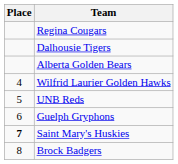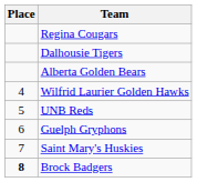 <table class="wikitable">
 <tr>
 <th>Place</th>
 <th>Team</th>
 </tr>
 <tr>
 <td align=center></td>
 <td> <a href='#'>Regina Cougars</a></td>
 </tr>
 <tr>
 <td align=center></td>
 <td> <a href='#'>Dalhousie Tigers</a></td>
 </tr>
 <tr>
 <td align=center></td>
 <td> <a href='#'>Alberta Golden Bears</a></td>
 </tr>
 <tr>
 <td align=center>4</td>
 <td> <a href='#'>Wilfrid Laurier Golden Hawks</a></td>
 </tr>
 <tr>
 <td align=center>5</td>
 <td> <a href='#'>UNB Reds</a></td>
 </tr>
 <tr>
 <td align=center>6</td>
 <td> <a href='#'>Guelph Gryphons</a></td>
 </tr>
 <tr>
-<td align=center><strong>7</strong></td>
+<td align=center>7</td>
 <td> <a href='#'>Saint Mary's Huskies</a></td>
 </tr>
 <tr>
-<td align=center>8</td>
+<td align=center><strong>8</strong></td>
 <td> <a href='#'>Brock Badgers</a></td>
 </tr>
 </table>
